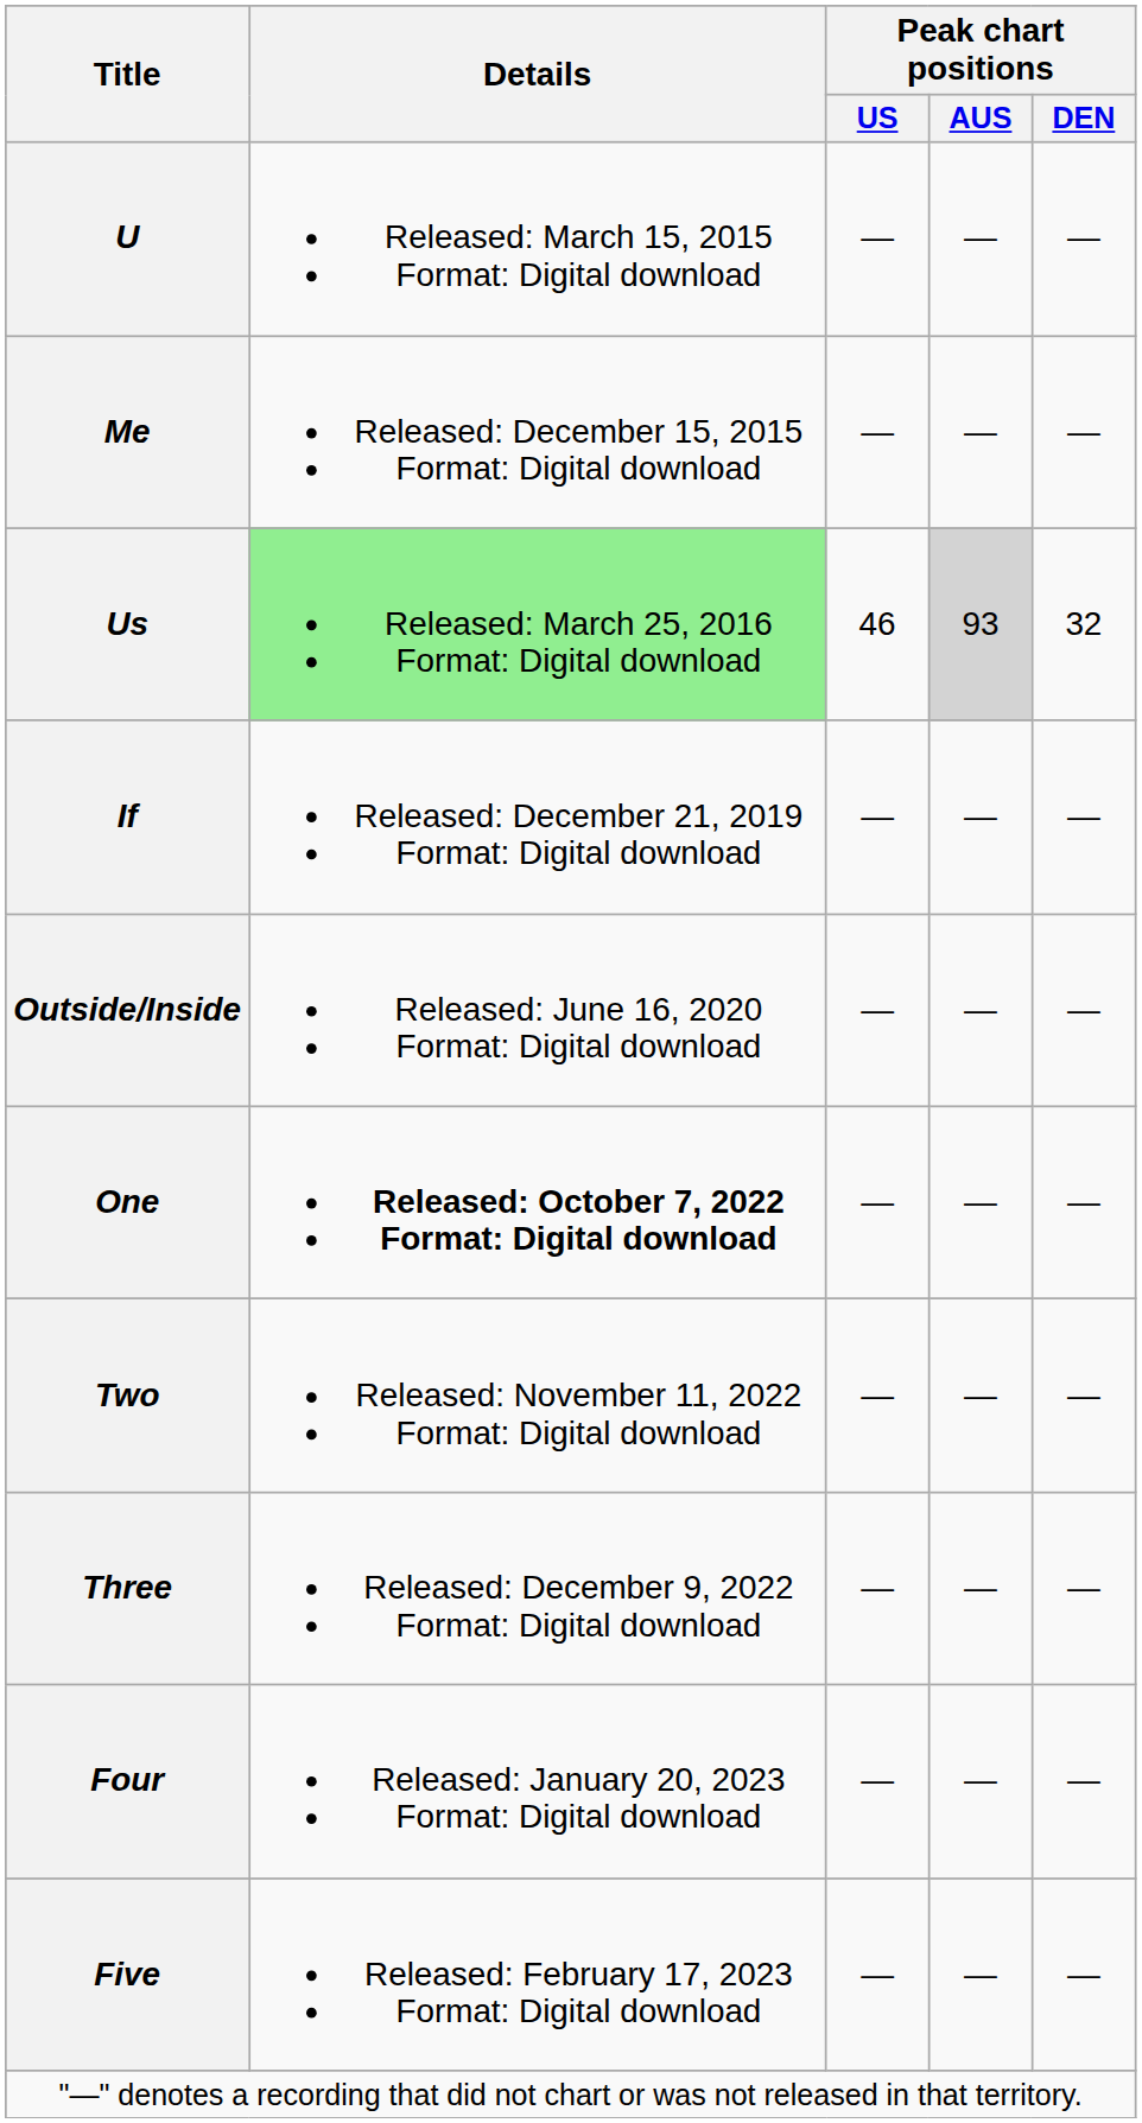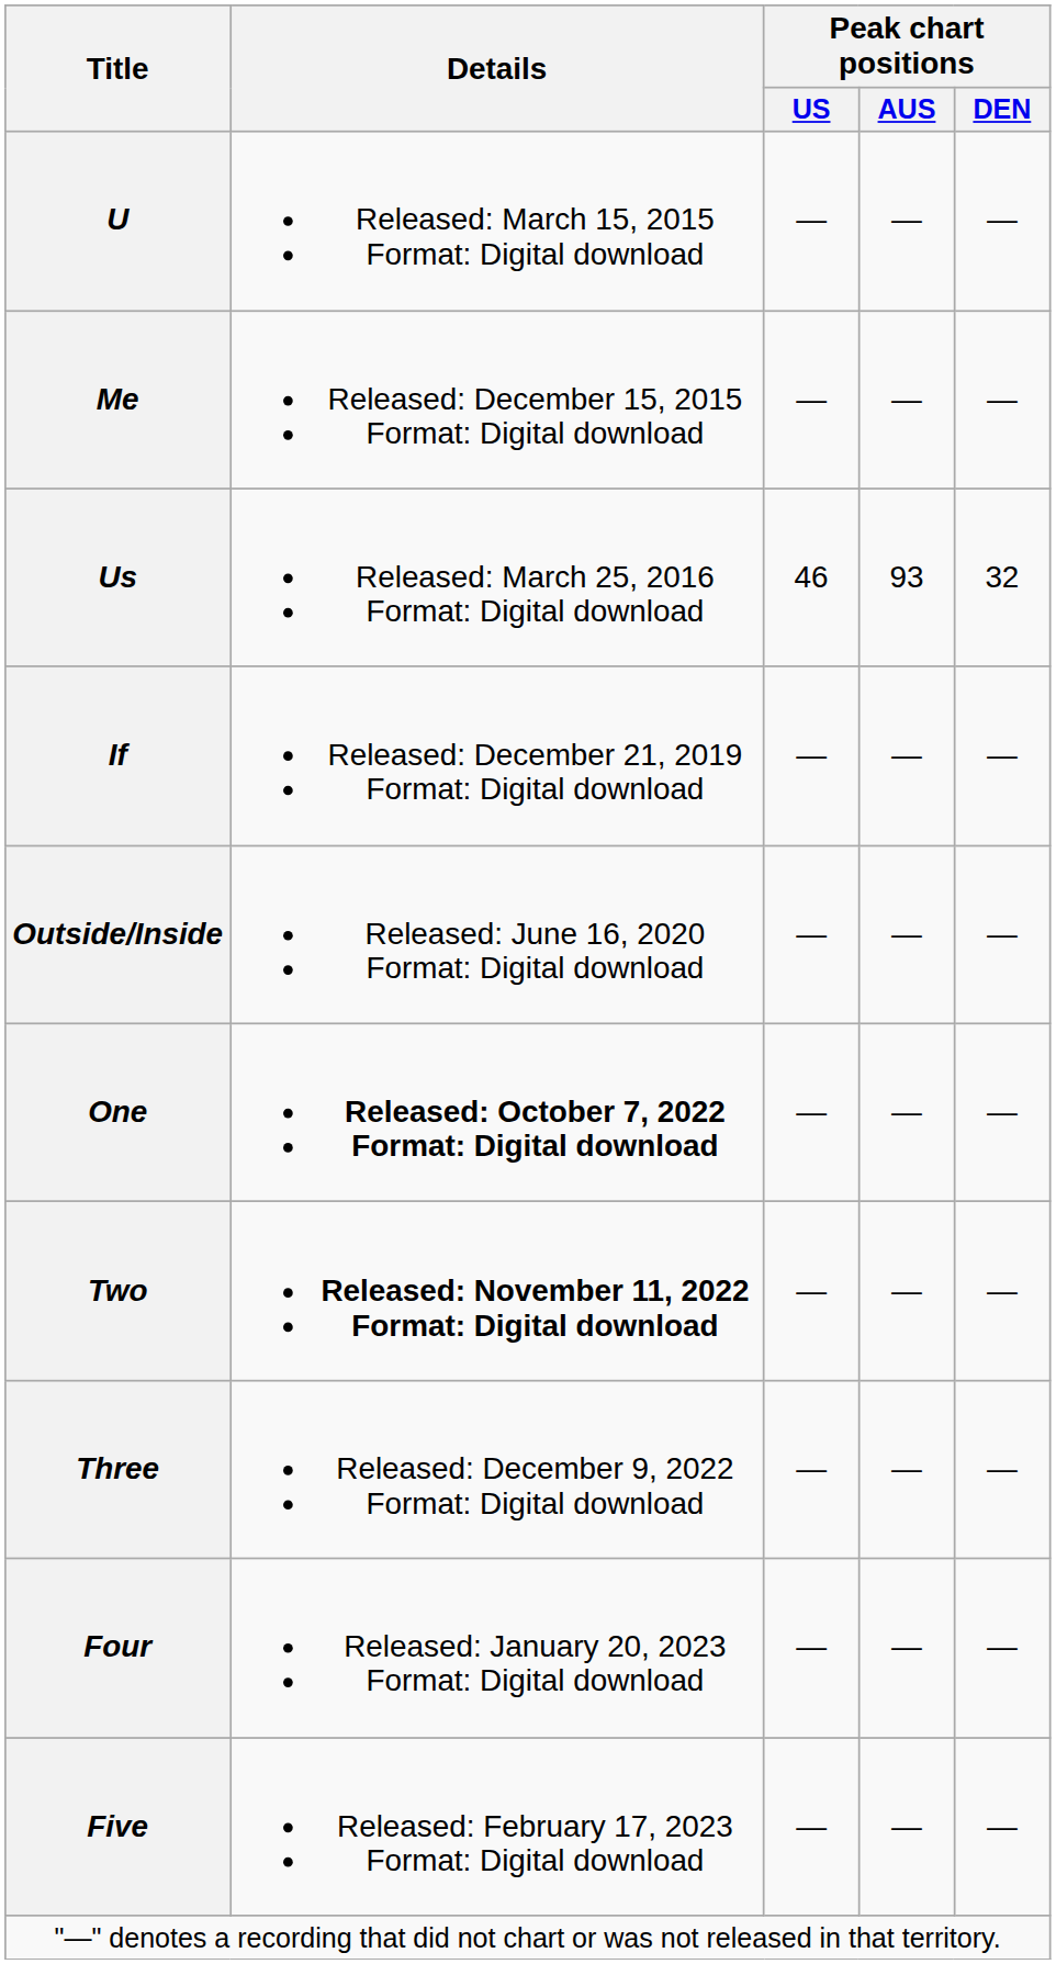 <table class="wikitable plainrowheaders" style="text-align:center">
 <tr>
 <th scope="col" rowspan="2" style="width:6em;">Title</th>
 <th scope="col" rowspan="2" style="width:17em;">Details</th>
 <th colspan="3">Peak chart positions</th>
 </tr>
 <tr>
 <th scope="col" style="width:3em;font-size:90%;"><a href='#'>US</a><br></th>
 <th scope="col" style="width:3em;font-size:90%;"><a href='#'>AUS</a><br></th>
 <th scope="col" style="width:3em;font-size:90%;"><a href='#'>DEN</a><br></th>
 </tr>
 <tr>
 <th scope="row"><em>U</em></th>
 <td><br><ul><li>Released: March 15, 2015</li><li>Format: Digital download</li></ul></td>
 <td>—</td>
 <td>—</td>
 <td>—</td>
 </tr>
 <tr>
 <th scope="row"><em>Me</em></th>
 <td><br><ul><li>Released: December 15, 2015</li><li>Format: Digital download</li></ul></td>
 <td>—</td>
 <td>—</td>
 <td>—</td>
 </tr>
 <tr>
 <th scope="row"><em>Us</em></th>
-<td style="background: lightgreen;"><br><ul><li>Released: March 25, 2016</li><li>Format: Digital download</li></ul></td>
+<td><br><ul><li>Released: March 25, 2016</li><li>Format: Digital download</li></ul></td>
 <td>46</td>
-<td style="background: lightgrey;">93</td>
+<td>93</td>
 <td>32</td>
 </tr>
 <tr>
 <th scope="row"><em>If</em></th>
 <td><br><ul><li>Released: December 21, 2019</li><li>Format: Digital download</li></ul></td>
 <td>—</td>
 <td>—</td>
 <td>—</td>
 </tr>
 <tr>
 <th scope="row"><em>Outside/Inside</em></th>
 <td><br><ul><li>Released: June 16, 2020</li><li>Format: Digital download</li></ul></td>
 <td>—</td>
 <td>—</td>
 <td>—</td>
 </tr>
 <tr>
 <th scope="row"><em>One</em></th>
 <td><strong><br><ul><li>Released: October 7, 2022</li><li>Format: Digital download</li></ul></strong></td>
 <td>—</td>
 <td>—</td>
 <td>—</td>
 </tr>
 <tr>
 <th scope="row"><em>Two</em></th>
-<td><br><ul><li>Released: November 11, 2022</li><li>Format: Digital download</li></ul></td>
+<td><strong><br><ul><li>Released: November 11, 2022</li><li>Format: Digital download</li></ul></strong></td>
 <td>—</td>
 <td>—</td>
 <td>—</td>
 </tr>
 <tr>
 <th scope="row"><em>Three</em></th>
 <td><br><ul><li>Released: December 9, 2022</li><li>Format: Digital download</li></ul></td>
 <td>—</td>
 <td>—</td>
 <td>—</td>
 </tr>
 <tr>
 <th scope="row"><em>Four</em></th>
 <td><br><ul><li>Released: January 20, 2023</li><li>Format: Digital download</li></ul></td>
 <td>—</td>
 <td>—</td>
 <td>—</td>
 </tr>
 <tr>
 <th scope="row"><em>Five</em></th>
 <td><br><ul><li>Released: February 17, 2023</li><li>Format: Digital download</li></ul></td>
 <td>—</td>
 <td>—</td>
 <td>—</td>
 </tr>
 <tr>
 <td colspan="14" style="font-size:90%">"—" denotes a recording that did not chart or was not released in that territory.</td>
 </tr>
 </table>
